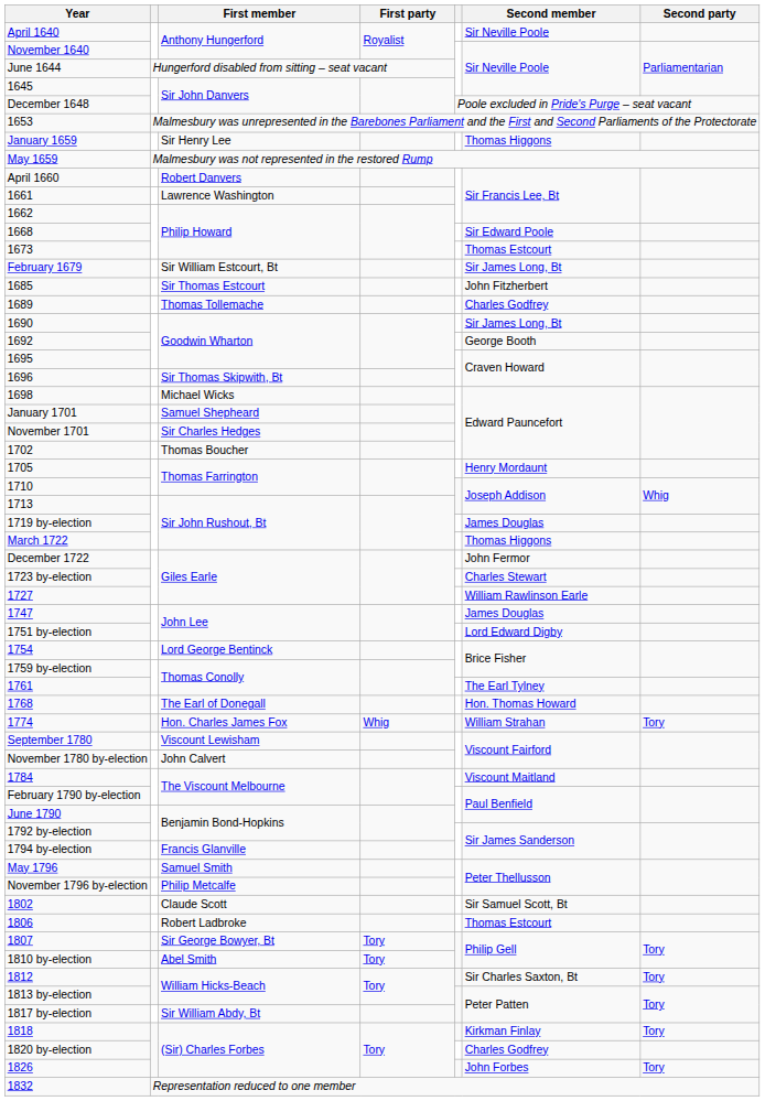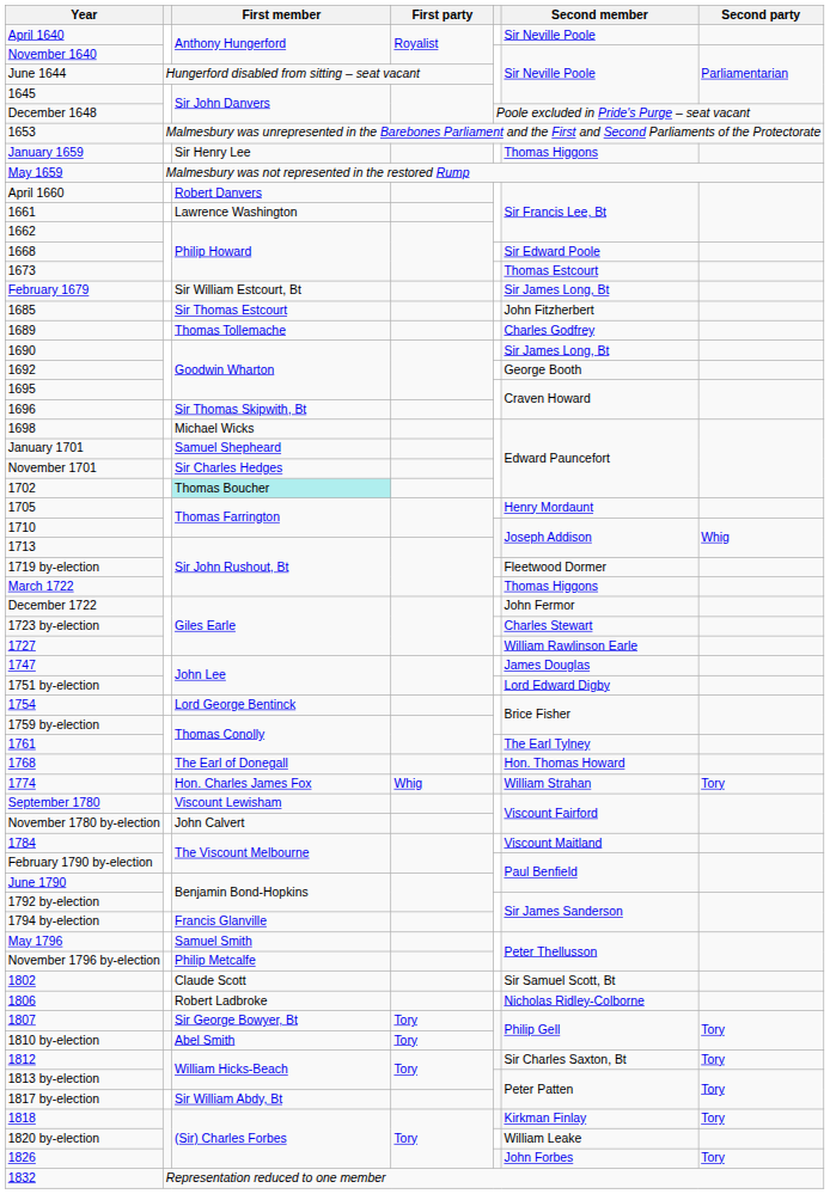 <table class="wikitable">
 <tr>
 <th>Year</th>
 <th></th>
 <th>First member</th>
 <th>First party</th>
 <th></th>
 <th>Second member</th>
 <th>Second party</th>
 </tr>
 <tr>
 <td><a href='#'>April 1640</a></td>
 <td rowspan="2" style="color:inherit;background-color: white"></td>
 <td rowspan="2"><a href='#'>Anthony Hungerford</a></td>
 <td rowspan="2"><a href='#'>Royalist</a></td>
 <td style="color:inherit;background-color: white"></td>
 <td><a href='#'>Sir Neville Poole</a></td>
 <td></td>
 </tr>
 <tr>
 <td><a href='#'>November 1640</a></td>
 <td rowspan="3" style="color:inherit;background-color: white"></td>
 <td rowspan="3"><a href='#'>Sir Neville Poole</a></td>
 <td rowspan="3"><a href='#'>Parliamentarian</a></td>
 </tr>
 <tr>
 <td>June 1644</td>
 <td colspan="3"><em>Hungerford disabled from sitting – seat vacant</em></td>
 </tr>
 <tr>
 <td>1645</td>
 <td rowspan="2" style="color:inherit;background-color: white"></td>
 <td rowspan="2"><a href='#'>Sir John Danvers</a></td>
 <td rowspan="2"></td>
 </tr>
 <tr>
 <td>December 1648</td>
 <td colspan="3"><em>Poole excluded in <a href='#'>Pride's Purge</a> – seat vacant</em></td>
 </tr>
 <tr>
 <td>1653</td>
 <td colspan="6"><em>Malmesbury was unrepresented in the <a href='#'>Barebones Parliament</a> and the <a href='#'>First</a> and <a href='#'>Second</a> Parliaments of the Protectorate</em></td>
 </tr>
 <tr>
 <td><a href='#'>January 1659</a></td>
 <td style="color:inherit;background-color: white"></td>
 <td>Sir Henry Lee</td>
 <td></td>
 <td style="color:inherit;background-color: white"></td>
 <td><a href='#'>Thomas Higgons</a></td>
 <td></td>
 </tr>
 <tr>
 <td><a href='#'>May 1659</a></td>
 <td colspan="6"><em>Malmesbury was not represented in the  restored <a href='#'>Rump</a></em></td>
 </tr>
 <tr>
 <td>April 1660</td>
 <td style="color:inherit;background-color: white"></td>
 <td><a href='#'>Robert Danvers</a></td>
 <td></td>
 <td rowspan="3" style="color:inherit;background-color: white"></td>
 <td rowspan="3"><a href='#'>Sir Francis Lee, Bt</a></td>
 <td rowspan="3"></td>
 </tr>
 <tr>
 <td>1661</td>
 <td style="color:inherit;background-color: white"></td>
 <td>Lawrence Washington</td>
 <td></td>
 </tr>
 <tr>
 <td>1662</td>
 <td rowspan="3" style="color:inherit;background-color: white"></td>
 <td rowspan="3"><a href='#'>Philip Howard</a></td>
 <td rowspan="3"></td>
 </tr>
 <tr>
 <td>1668</td>
 <td style="color:inherit;background-color: white"></td>
 <td><a href='#'>Sir Edward Poole</a></td>
 <td></td>
 </tr>
 <tr>
 <td>1673</td>
 <td style="color:inherit;background-color: white"></td>
 <td><a href='#'>Thomas Estcourt</a></td>
 <td></td>
 </tr>
 <tr>
 <td><a href='#'>February 1679</a></td>
 <td style="color:inherit;background-color: white"></td>
 <td>Sir William Estcourt, Bt</td>
 <td></td>
 <td style="color:inherit;background-color: white"></td>
 <td><a href='#'>Sir James Long, Bt</a></td>
 <td></td>
 </tr>
 <tr>
 <td>1685</td>
 <td style="color:inherit;background-color: white"></td>
 <td><a href='#'>Sir Thomas Estcourt</a></td>
 <td></td>
 <td style="color:inherit;background-color: white"></td>
 <td>John Fitzherbert</td>
 <td></td>
 </tr>
 <tr>
 <td>1689</td>
 <td style="color:inherit;background-color: white"></td>
 <td><a href='#'>Thomas Tollemache</a></td>
 <td></td>
 <td style="color:inherit;background-color: white"></td>
 <td><a href='#'>Charles Godfrey</a></td>
 <td></td>
 </tr>
 <tr>
 <td>1690</td>
 <td rowspan="3" style="color:inherit;background-color: white"></td>
 <td rowspan="3"><a href='#'>Goodwin Wharton</a></td>
 <td rowspan="3"></td>
 <td style="color:inherit;background-color: white"></td>
 <td><a href='#'>Sir James Long, Bt</a></td>
 <td></td>
 </tr>
 <tr>
 <td>1692</td>
 <td style="color:inherit;background-color: white"></td>
 <td>George Booth</td>
 <td></td>
 </tr>
 <tr>
 <td>1695</td>
 <td rowspan="2" style="color:inherit;background-color: white"></td>
 <td rowspan="2">Craven Howard</td>
 <td rowspan="2"></td>
 </tr>
 <tr>
 <td>1696</td>
 <td style="color:inherit;background-color: white"></td>
 <td><a href='#'>Sir Thomas Skipwith, Bt</a></td>
 <td></td>
 </tr>
 <tr>
 <td>1698</td>
 <td style="color:inherit;background-color: white"></td>
 <td>Michael Wicks</td>
 <td></td>
 <td rowspan="4" style="color:inherit;background-color: white"></td>
 <td rowspan="4">Edward Pauncefort</td>
 <td rowspan="4"></td>
 </tr>
 <tr>
 <td>January 1701</td>
 <td style="color:inherit;background-color: white"></td>
 <td><a href='#'>Samuel Shepheard</a></td>
 <td></td>
 </tr>
 <tr mich>
 <td>November 1701</td>
 <td style="color:inherit;background-color: white"></td>
 <td><a href='#'>Sir Charles Hedges</a></td>
 <td></td>
 </tr>
 <tr>
 <td>1702</td>
 <td style="color:inherit;background-color: white"></td>
-<td>Thomas Boucher</td>
+<td style="background: paleturquoise;">Thomas Boucher</td>
 <td></td>
 </tr>
 <tr>
 <td>1705</td>
 <td rowspan="2" style="color:inherit;background-color: white"></td>
 <td rowspan="2"><a href='#'>Thomas Farrington</a></td>
 <td rowspan="2"></td>
 <td style="color:inherit;background-color: white"></td>
 <td><a href='#'>Henry Mordaunt</a></td>
 <td></td>
 </tr>
 <tr>
 <td>1710</td>
 <td rowspan="2" style="color:inherit;background-color: "></td>
 <td rowspan="2"><a href='#'>Joseph Addison</a></td>
 <td rowspan="2"><a href='#'>Whig</a></td>
 </tr>
 <tr>
 <td>1713</td>
 <td rowspan="3" style="color:inherit;background-color: white"></td>
 <td rowspan="3"><a href='#'>Sir John Rushout, Bt</a></td>
 <td rowspan="3"></td>
 </tr>
 <tr>
 <td>1719 by-election</td>
 <td style="color:inherit;background-color: white"></td>
-<td><a href='#'>James Douglas</a></td>
+<td>Fleetwood Dormer</td>
 <td></td>
 </tr>
 <tr>
 <td><a href='#'>March 1722</a></td>
 <td style="color:inherit;background-color: white"></td>
 <td><a href='#'>Thomas Higgons</a></td>
 <td></td>
 </tr>
 <tr>
 <td>December 1722</td>
 <td rowspan="3" style="color:inherit;background-color: white"></td>
 <td rowspan="3"><a href='#'>Giles Earle</a></td>
 <td rowspan="3"></td>
 <td style="color:inherit;background-color: white"></td>
 <td>John Fermor</td>
 <td></td>
 </tr>
 <tr>
 <td>1723 by-election</td>
 <td style="color:inherit;background-color: white"></td>
 <td><a href='#'>Charles Stewart</a></td>
 <td></td>
 </tr>
 <tr>
 <td><a href='#'>1727</a></td>
 <td style="color:inherit;background-color: white"></td>
 <td><a href='#'>William Rawlinson Earle</a></td>
 <td></td>
 </tr>
 <tr>
 <td><a href='#'>1747</a></td>
 <td rowspan="2" style="color:inherit;background-color: white"></td>
 <td rowspan="2"><a href='#'>John Lee</a></td>
 <td rowspan="2"></td>
 <td style="color:inherit;background-color: white"></td>
 <td><a href='#'>James Douglas</a></td>
 <td></td>
 </tr>
 <tr>
 <td>1751 by-election</td>
 <td style="color:inherit;background-color: white"></td>
 <td><a href='#'>Lord Edward Digby</a></td>
 <td></td>
 </tr>
 <tr>
 <td><a href='#'>1754</a></td>
 <td style="color:inherit;background-color: white"></td>
 <td><a href='#'>Lord George Bentinck</a></td>
 <td></td>
 <td rowspan="2" style="color:inherit;background-color: white"></td>
 <td rowspan="2">Brice Fisher</td>
 <td rowspan="2"></td>
 </tr>
 <tr>
 <td>1759 by-election</td>
 <td rowspan="2" style="color:inherit;background-color: white"></td>
 <td rowspan="2"><a href='#'>Thomas Conolly</a></td>
 <td rowspan="2"></td>
 </tr>
 <tr>
 <td><a href='#'>1761</a></td>
 <td style="color:inherit;background-color: white"></td>
 <td><a href='#'>The Earl Tylney</a></td>
 <td></td>
 </tr>
 <tr>
 <td><a href='#'>1768</a></td>
 <td style="color:inherit;background-color: white"></td>
 <td><a href='#'>The Earl of Donegall</a></td>
 <td></td>
 <td style="color:inherit;background-color: white"></td>
 <td><a href='#'>Hon. Thomas Howard</a></td>
 <td></td>
 </tr>
 <tr>
 <td><a href='#'>1774</a></td>
 <td style="color:inherit;background-color: "></td>
 <td><a href='#'>Hon. Charles James Fox</a></td>
 <td><a href='#'>Whig</a></td>
 <td style="color:inherit;background-color: "></td>
 <td><a href='#'>William Strahan</a></td>
 <td><a href='#'>Tory</a></td>
 </tr>
 <tr>
 <td><a href='#'>September 1780</a></td>
 <td style="color:inherit;background-color: white"></td>
 <td><a href='#'>Viscount Lewisham</a></td>
 <td></td>
 <td rowspan="2" style="color:inherit;background-color: white"></td>
 <td rowspan="2"><a href='#'>Viscount Fairford</a></td>
 <td rowspan="2"></td>
 </tr>
 <tr>
 <td>November 1780 by-election</td>
 <td style="color:inherit;background-color: white"></td>
 <td>John Calvert</td>
 <td></td>
 </tr>
 <tr>
 <td><a href='#'>1784</a></td>
 <td rowspan="2" style="color:inherit;background-color: white"></td>
 <td rowspan="2"><a href='#'>The Viscount Melbourne</a></td>
 <td rowspan="2"></td>
 <td style="color:inherit;background-color: white"></td>
 <td><a href='#'>Viscount Maitland</a></td>
 <td></td>
 </tr>
 <tr>
 <td>February 1790 by-election</td>
 <td rowspan="2" style="color:inherit;background-color: white"></td>
 <td rowspan="2"><a href='#'>Paul Benfield</a></td>
 <td rowspan="2"></td>
 </tr>
 <tr>
 <td><a href='#'>June 1790</a></td>
 <td rowspan="2" style="color:inherit;background-color: white"></td>
 <td rowspan="2">Benjamin Bond-Hopkins</td>
 <td rowspan="2"></td>
 </tr>
 <tr>
 <td>1792 by-election</td>
 <td rowspan="2" style="color:inherit;background-color: white"></td>
 <td rowspan="2"><a href='#'>Sir James Sanderson</a></td>
 <td rowspan="2"></td>
 </tr>
 <tr>
 <td>1794 by-election</td>
 <td style="color:inherit;background-color: white"></td>
 <td><a href='#'>Francis Glanville</a></td>
 <td></td>
 </tr>
 <tr>
 <td><a href='#'>May 1796</a></td>
 <td style="color:inherit;background-color: white"></td>
 <td><a href='#'>Samuel Smith</a></td>
 <td></td>
 <td rowspan="2" style="color:inherit;background-color: white"></td>
 <td rowspan="2"><a href='#'>Peter Thellusson</a></td>
 <td rowspan="2"></td>
 </tr>
 <tr>
 <td>November 1796 by-election</td>
 <td style="color:inherit;background-color: white"></td>
 <td><a href='#'>Philip Metcalfe</a></td>
 <td></td>
 </tr>
 <tr>
 <td><a href='#'>1802</a></td>
 <td style="color:inherit;background-color: white"></td>
 <td>Claude Scott</td>
 <td></td>
 <td style="color:inherit;background-color: white"></td>
 <td>Sir Samuel Scott, Bt</td>
 <td></td>
 </tr>
 <tr>
 <td><a href='#'>1806</a></td>
 <td style="color:inherit;background-color: white"></td>
 <td>Robert Ladbroke</td>
 <td></td>
 <td style="color:inherit;background-color: white"></td>
-<td><a href='#'>Thomas Estcourt</a></td>
+<td><a href='#'>Nicholas Ridley-Colborne</a></td>
 <td></td>
 </tr>
 <tr>
 <td><a href='#'>1807</a></td>
 <td style="color:inherit;background-color: "></td>
 <td><a href='#'>Sir George Bowyer, Bt</a></td>
 <td><a href='#'>Tory</a></td>
 <td rowspan="2" style="color:inherit;background-color: "></td>
 <td rowspan="2"><a href='#'>Philip Gell</a></td>
 <td rowspan="2"><a href='#'>Tory</a></td>
 </tr>
 <tr>
 <td>1810 by-election</td>
 <td style="color:inherit;background-color: "></td>
 <td><a href='#'>Abel Smith</a></td>
 <td><a href='#'>Tory</a></td>
 </tr>
 <tr>
 <td><a href='#'>1812</a></td>
 <td rowspan="2" style="color:inherit;background-color: "></td>
 <td rowspan="2"><a href='#'>William Hicks-Beach</a></td>
 <td rowspan="2"><a href='#'>Tory</a></td>
 <td style="color:inherit;background-color: "></td>
 <td>Sir Charles Saxton, Bt</td>
 <td><a href='#'>Tory</a></td>
 </tr>
 <tr>
 <td>1813 by-election</td>
 <td rowspan="2" style="color:inherit;background-color: "></td>
 <td rowspan="2">Peter Patten</td>
 <td rowspan="2"><a href='#'>Tory</a></td>
 </tr>
 <tr>
 <td>1817 by-election</td>
 <td style="color:inherit;background-color: white"></td>
 <td><a href='#'>Sir William Abdy, Bt</a></td>
 <td></td>
 </tr>
 <tr>
 <td><a href='#'>1818</a></td>
 <td rowspan="3" style="color:inherit;background-color: "></td>
 <td rowspan="3"><a href='#'>(Sir) Charles Forbes</a></td>
 <td rowspan="3"><a href='#'>Tory</a></td>
 <td style="color:inherit;background-color: "></td>
 <td><a href='#'>Kirkman Finlay</a></td>
 <td><a href='#'>Tory</a></td>
 </tr>
 <tr>
 <td>1820 by-election</td>
 <td style="color:inherit;background-color: white"></td>
-<td><a href='#'>Charles Godfrey</a></td>
+<td>William Leake</td>
 <td></td>
 </tr>
 <tr>
 <td><a href='#'>1826</a></td>
 <td style="color:inherit;background-color: "></td>
 <td><a href='#'>John Forbes</a></td>
 <td><a href='#'>Tory</a></td>
 </tr>
 <tr>
 <td><a href='#'>1832</a></td>
 <td colspan="6"><em>Representation reduced to one member</em></td>
 </tr>
 </table>
